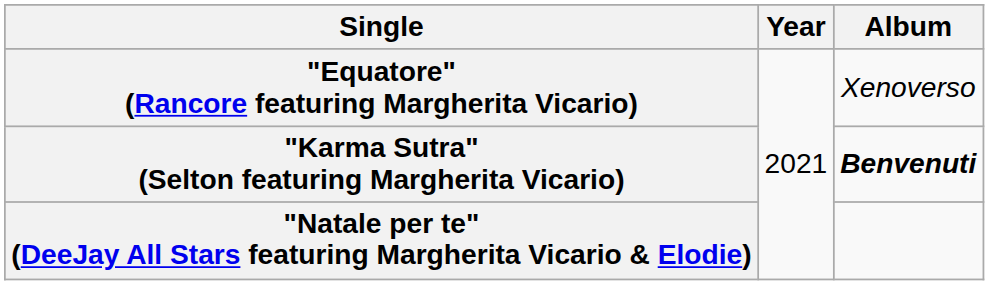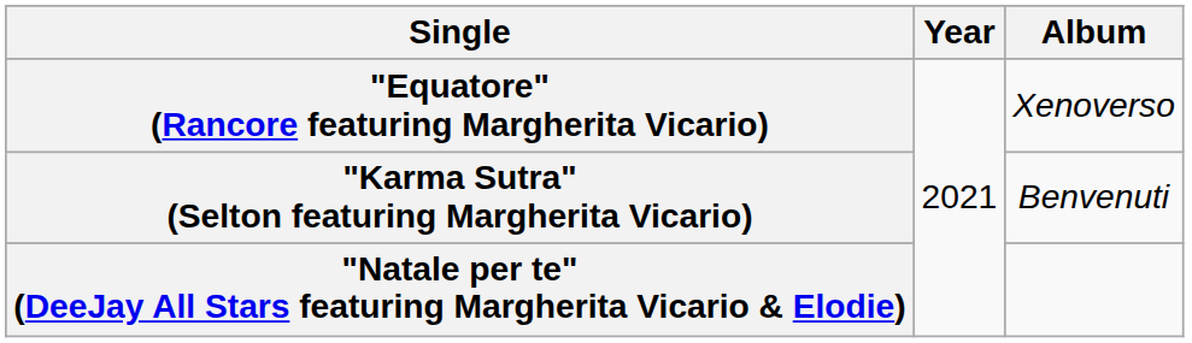 <table class="wikitable plainrowheaders" style="text-align:center;">
 <tr>
 <th scope="col" rowspan="1">Single</th>
 <th scope="col" rowspan="1">Year</th>
 <th scope="col" rowspan="1">Album</th>
 </tr>
 <tr>
 <th scope="row">"Equatore"<br>(<a href='#'>Rancore</a> featuring Margherita Vicario)</th>
 <td rowspan="3">2021</td>
 <td><em>Xenoverso</em></td>
 </tr>
 <tr>
 <th scope="row">"Karma Sutra"<br>(Selton featuring Margherita Vicario)</th>
-<td><strong><em>Benvenuti</em></strong></td>
+<td><em>Benvenuti</em></td>
 </tr>
 <tr>
 <th scope="row">"Natale per te"<br>(<a href='#'>DeeJay All Stars</a> featuring Margherita Vicario & <a href='#'>Elodie</a>)</th>
 <td></td>
 </tr>
 </table>
